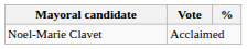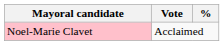 <table class="wikitable">
 <tr>
 <th bgcolor="#DDDDFF" width="200px">Mayoral candidate</th>
 <th bgcolor="#DDDDFF" width="50px">Vote</th>
 <th bgcolor="#DDDDFF"  width="30px">%</th>
 </tr>
 <tr>
-<td>Noel-Marie Clavet</td>
+<td style="background: pink;">Noel-Marie Clavet</td>
 <td colspan="2">Acclaimed</td>
 </tr>
 </table>
